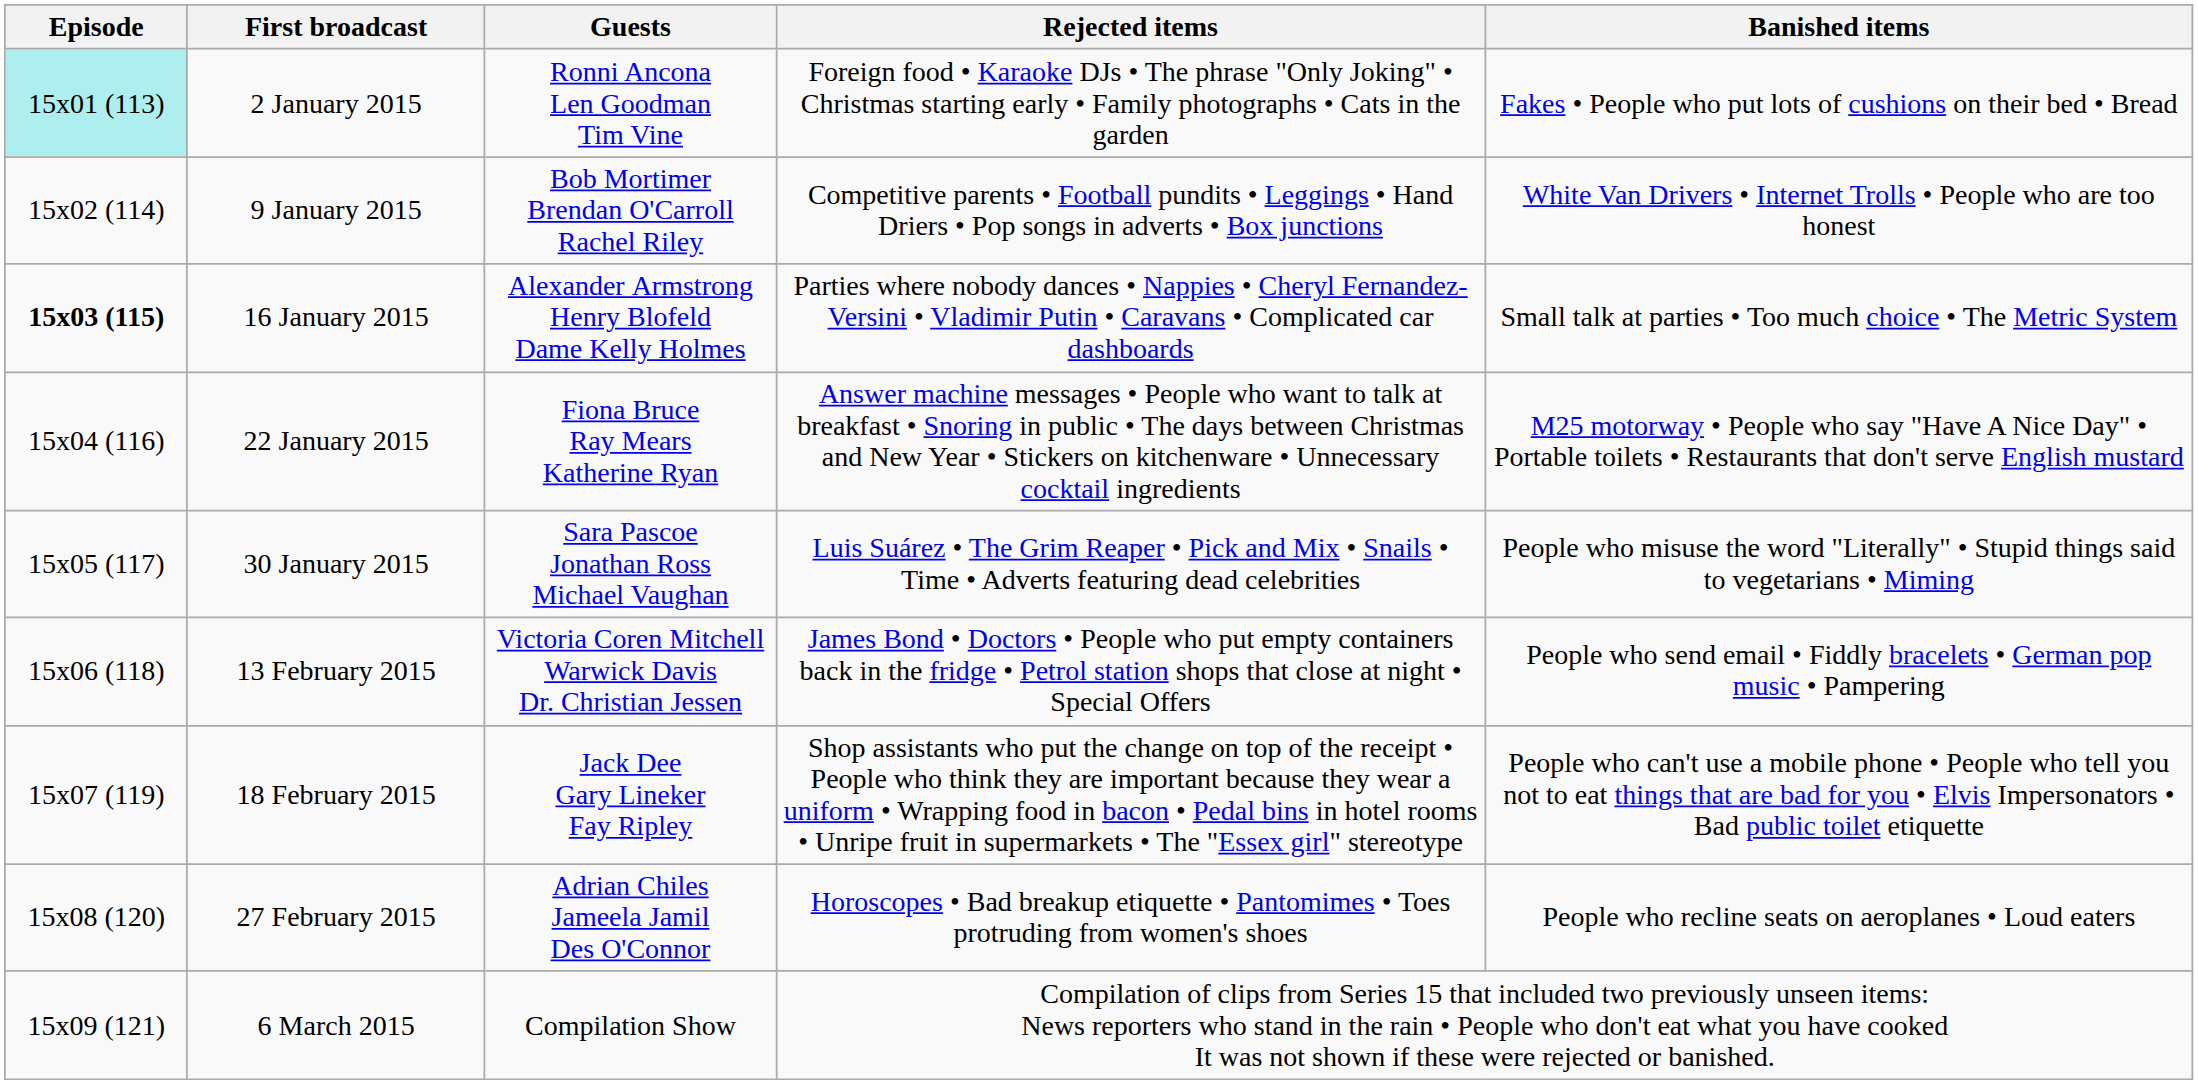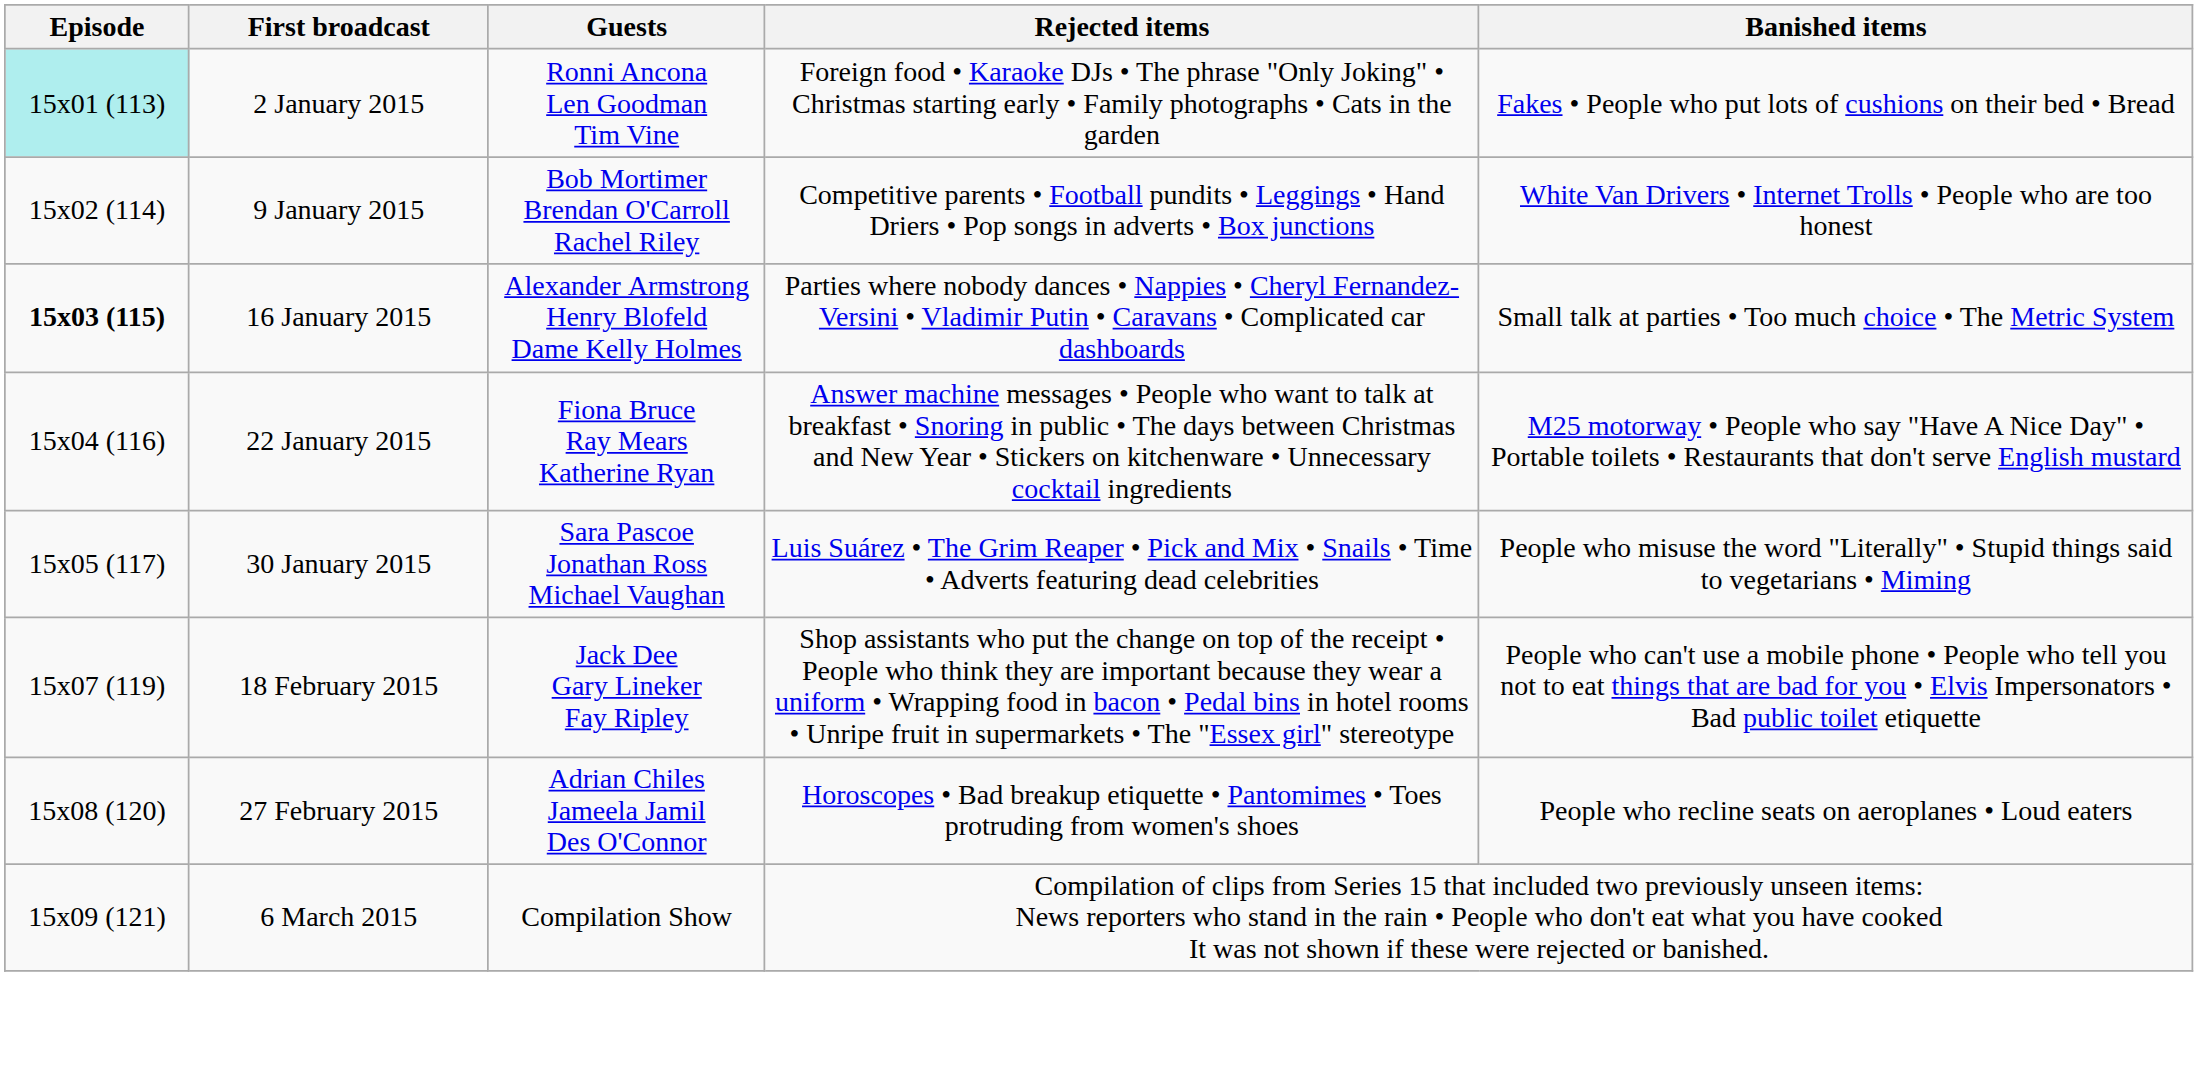 <table class="wikitable"  style="width:99%; left:0 auto; text-align:center;">
 <tr>
 <th style="width:8%;">Episode</th>
 <th style="width:13%;">First broadcast</th>
 <th style="width:12%;">Guests</th>
 <th style="width:31%;">Rejected items</th>
 <th style="width:31%;">Banished items</th>
 </tr>
 <tr>
 <td style="background: paleturquoise;">15x01 (113)</td>
 <td>2 January 2015</td>
 <td><a href='#'>Ronni Ancona</a><br><a href='#'>Len Goodman</a><br><a href='#'>Tim Vine</a></td>
 <td>Foreign food • <a href='#'>Karaoke</a> DJs • The phrase "Only Joking" • Christmas starting early • Family photographs • Cats in the garden</td>
 <td><a href='#'>Fakes</a> • People who put lots of <a href='#'>cushions</a> on their bed • Bread</td>
 </tr>
 <tr>
 <td>15x02 (114)</td>
 <td>9 January 2015</td>
 <td><a href='#'>Bob Mortimer</a><br><a href='#'>Brendan&nbsp;O'Carroll</a><br><a href='#'>Rachel Riley</a></td>
 <td>Competitive parents • <a href='#'>Football</a> pundits • <a href='#'>Leggings</a> • Hand Driers • Pop songs in adverts • <a href='#'>Box junctions</a></td>
 <td><a href='#'>White Van Drivers</a> • <a href='#'>Internet Trolls</a> • People who are too honest</td>
 </tr>
 <tr>
 <td><strong>15x03 (115)</strong></td>
 <td>16 January 2015</td>
 <td><a href='#'>Alexander Armstrong</a><br><a href='#'>Henry Blofeld</a><br><a href='#'>Dame Kelly Holmes</a></td>
 <td>Parties where nobody dances • <a href='#'>Nappies</a> • <a href='#'>Cheryl Fernandez-Versini</a> • <a href='#'>Vladimir Putin</a> • <a href='#'>Caravans</a> • Complicated car <a href='#'>dashboards</a></td>
 <td>Small talk at parties • Too much <a href='#'>choice</a> • The <a href='#'>Metric System</a></td>
 </tr>
 <tr>
 <td>15x04 (116)</td>
 <td>22 January 2015</td>
 <td><a href='#'>Fiona Bruce</a><br><a href='#'>Ray Mears</a><br><a href='#'>Katherine Ryan</a></td>
 <td><a href='#'>Answer machine</a> messages •  People who want to talk at breakfast • <a href='#'>Snoring</a> in public •  The days between Christmas and New Year • Stickers on kitchenware • Unnecessary <a href='#'>cocktail</a> ingredients</td>
 <td><a href='#'>M25 motorway</a> • People who say "Have A Nice Day" • Portable toilets  • Restaurants that don't serve <a href='#'>English mustard</a></td>
 </tr>
 <tr>
 <td>15x05 (117)</td>
 <td>30 January 2015</td>
 <td><a href='#'>Sara Pascoe</a><br><a href='#'>Jonathan Ross</a><br><a href='#'>Michael Vaughan</a></td>
 <td><a href='#'>Luis Suárez</a> • <a href='#'>The Grim Reaper</a> • <a href='#'>Pick and Mix</a> • <a href='#'>Snails</a> • Time • Adverts featuring dead celebrities</td>
 <td>People who misuse the word "Literally" • Stupid things said to vegetarians • <a href='#'>Miming</a></td>
 </tr>
 <tr>
-<td>15x06 (118)</td>
-<td>13 February 2015</td>
-<td><a href='#'>Victoria&nbsp;Coren&nbsp;Mitchell</a><br><a href='#'>Warwick Davis</a><br><a href='#'>Dr. Christian Jessen</a></td>
-<td><a href='#'>James Bond</a> • <a href='#'>Doctors</a> • People who put empty containers back in the <a href='#'>fridge</a> • <a href='#'>Petrol station</a> shops that close at night • Special Offers</td>
-<td>People who send email • Fiddly <a href='#'>bracelets</a> • <a href='#'>German pop music</a> • Pampering</td>
-</tr>
-<tr>
 <td>15x07 (119)</td>
 <td>18 February 2015</td>
 <td><a href='#'>Jack Dee</a><br><a href='#'>Gary Lineker</a><br><a href='#'>Fay Ripley</a></td>
 <td>Shop assistants who put the change on top of the receipt • People who think they are important because they wear a <a href='#'>uniform</a> • Wrapping food in <a href='#'>bacon</a> • <a href='#'>Pedal bins</a> in hotel rooms • Unripe fruit in supermarkets • The "<a href='#'>Essex girl</a>" stereotype</td>
 <td>People who can't use a mobile phone • People who tell you not to eat <a href='#'>things that are bad for you</a> • <a href='#'>Elvis</a> Impersonators  • Bad <a href='#'>public toilet</a> etiquette</td>
 </tr>
 <tr>
 <td>15x08 (120)</td>
 <td>27 February 2015</td>
 <td><a href='#'>Adrian Chiles</a><br><a href='#'>Jameela Jamil</a><br><a href='#'>Des O'Connor</a></td>
 <td><a href='#'>Horoscopes</a> • Bad breakup etiquette • <a href='#'>Pantomimes</a> • Toes protruding from women's shoes</td>
 <td>People who recline seats on aeroplanes • Loud eaters</td>
 </tr>
 <tr>
 <td>15x09 (121)</td>
 <td>6 March 2015</td>
 <td>Compilation Show</td>
 <td colspan=2>Compilation of clips from Series 15 that included two previously unseen items:<br>News reporters who stand in the rain • People who don't eat what you have cooked<br>It was not shown if these were rejected or banished.</td>
 </tr>
 </table>
